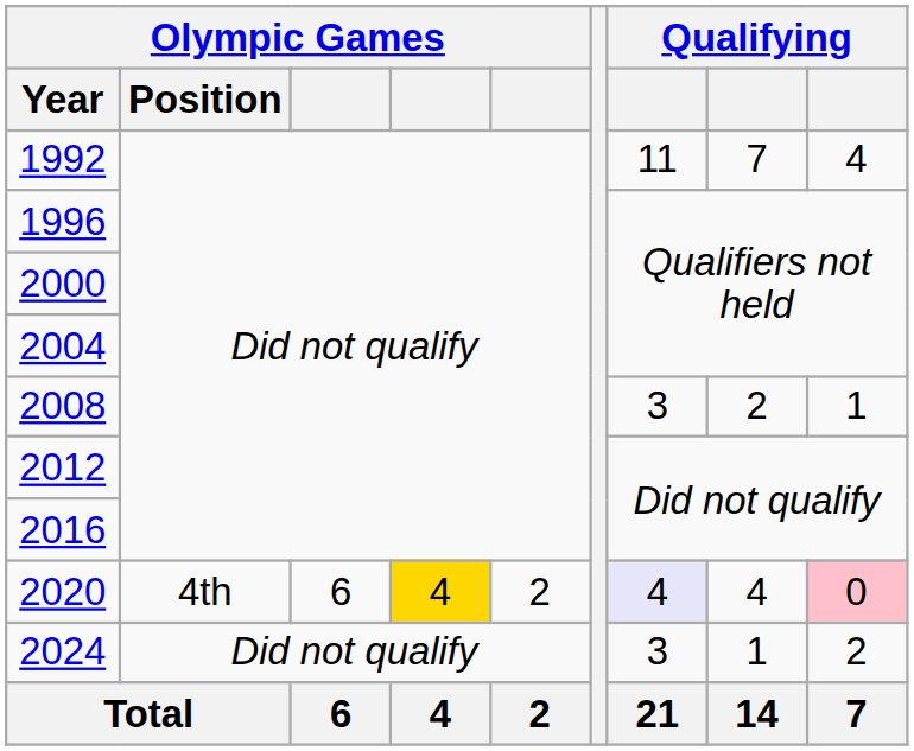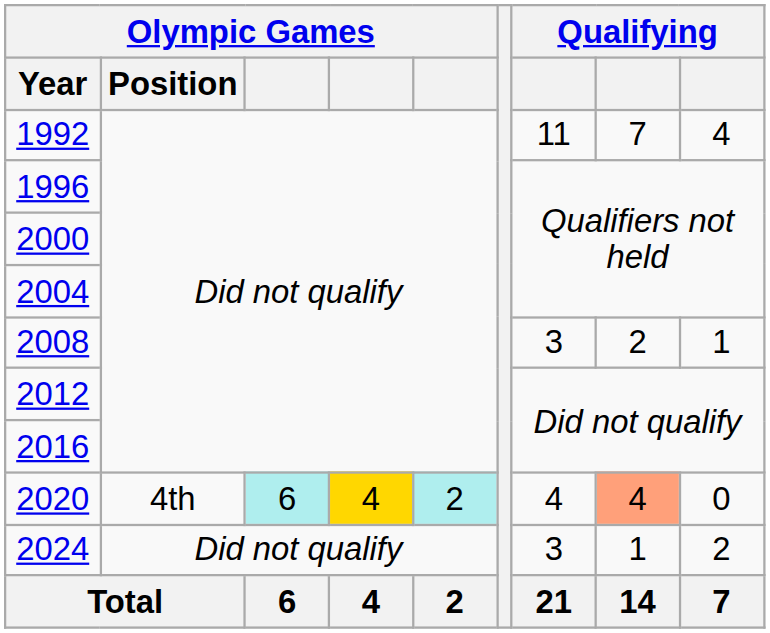 <table class="wikitable" style="text-align: center;font-size:90%;">
 <tr>
 <th colspan=5><a href='#'>Olympic Games</a></th>
 <th rowspan=12></th>
 <th colspan=3><a href='#'>Qualifying</a></th>
 </tr>
 <tr>
 <th width=35>Year</th>
 <th>Position</th>
 <th width=30></th>
 <th width=30></th>
 <th width=30></th>
 <th width=30></th>
 <th width=30></th>
 <th width=30></th>
 </tr>
 <tr>
 <td><a href='#'>1992</a></td>
 <td rowspan=7 colspan=4><em>Did not qualify</em></td>
 <td>11</td>
 <td>7</td>
 <td>4</td>
 </tr>
 <tr>
 <td><a href='#'>1996</a></td>
 <td colspan=3 rowspan=3><em>Qualifiers not held</em></td>
 </tr>
 <tr>
 <td><a href='#'>2000</a></td>
 </tr>
 <tr>
 <td><a href='#'>2004</a></td>
 </tr>
 <tr>
 <td><a href='#'>2008</a></td>
 <td>3</td>
 <td>2</td>
 <td>1</td>
 </tr>
 <tr>
 <td><a href='#'>2012</a></td>
 <td colspan=3 rowspan=2><em>Did not qualify</em></td>
 </tr>
 <tr>
 <td><a href='#'>2016</a></td>
 </tr>
 <tr>
 <td><a href='#'>2020</a></td>
 <td>4th</td>
-<td>6</td>
+<td style="background: paleturquoise;">6</td>
 <td style="background: gold;">4</td>
-<td>2</td>
-<td style="background: lavender;">4</td>
+<td style="background: paleturquoise;">2</td>
 <td>4</td>
-<td style="background: pink;">0</td>
+<td style="background: lightsalmon;">4</td>
+<td>0</td>
 </tr>
 <tr>
 <td><a href='#'>2024</a></td>
 <td colspan="4"><em>Did not qualify</em></td>
 <td>3</td>
 <td>1</td>
 <td>2</td>
 </tr>
 <tr>
 <th colspan=2>Total</th>
 <th>6</th>
 <th>4</th>
 <th>2</th>
 <th>21</th>
 <th>14</th>
 <th>7</th>
 </tr>
 </table>
